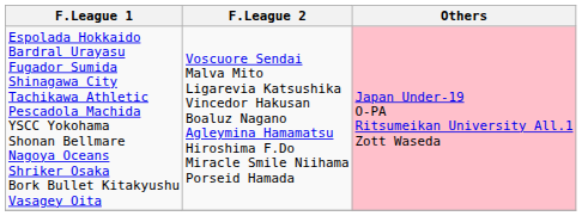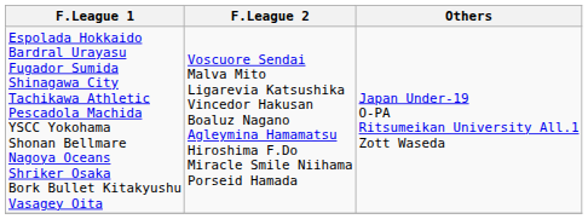 <table class="wikitable sortable" style="text-align:left;">
 <tr>
 <th>F.League 1</th>
 <th>F.League 2</th>
 <th>Others</th>
 </tr>
 <tr>
 <td><a href='#'>Espolada Hokkaido</a> <br> <a href='#'>Bardral Urayasu</a> <br> <a href='#'>Fugador Sumida</a> <br> <a href='#'>Shinagawa City</a> <br> <a href='#'>Tachikawa Athletic</a> <br> <a href='#'>Pescadola Machida</a> <br> YSCC Yokohama <br> Shonan Bellmare <br> <a href='#'>Nagoya Oceans</a> <br> <a href='#'>Shriker Osaka</a> <br> Bork Bullet Kitakyushu <br> <a href='#'>Vasagey Oita</a></td>
 <td><a href='#'>Voscuore Sendai</a> <br> Malva Mito <br> Ligarevia Katsushika <br> Vincedor Hakusan <br> Boaluz Nagano <br> <a href='#'>Agleymina Hamamatsu</a> <br> Hiroshima F.Do <br> Miracle Smile Niihama <br> Porseid Hamada</td>
-<td style="background: pink;"><a href='#'>Japan Under-19</a> <br> O-PA  <br> <a href='#'>Ritsumeikan University All.1</a>  <br> Zott Waseda </td>
+<td><a href='#'>Japan Under-19</a> <br> O-PA  <br> <a href='#'>Ritsumeikan University All.1</a>  <br> Zott Waseda </td>
 </tr>
 <tr>
 </tr>
 </table>
